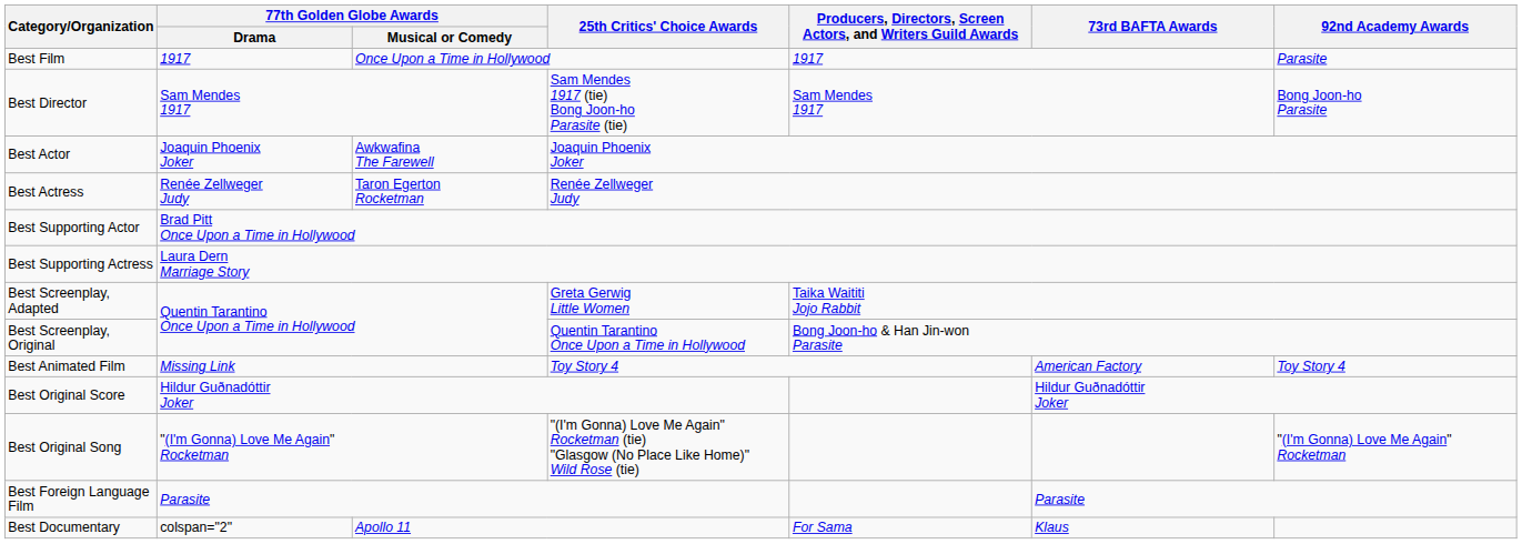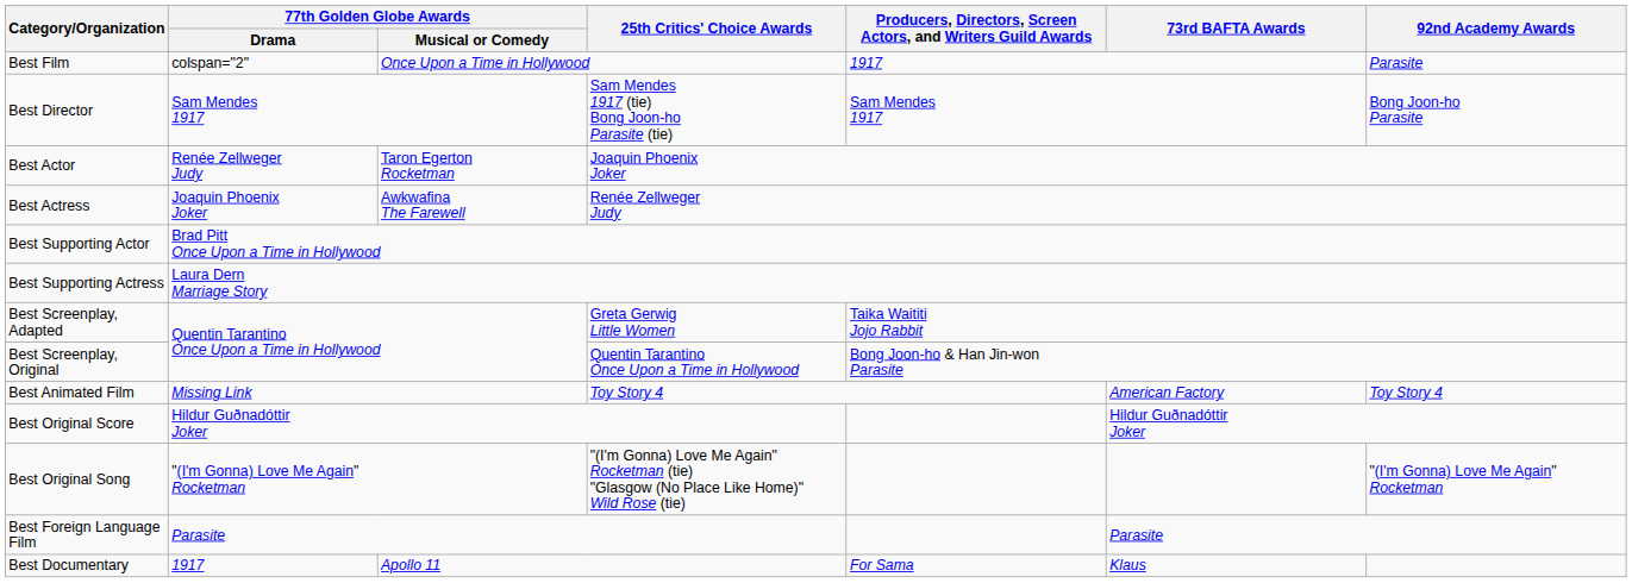 <table class="wikitable" style="font-size: 90%;">
 <tr>
 <th rowspan="2" style="width:20px;">Category/Organization</th>
 <th colspan="2" style="width:250px;"><a href='#'>77th Golden Globe Awards</a><br></th>
 <th rowspan="2" style="width:250px;"><a href='#'>25th Critics' Choice Awards</a><br></th>
 <th rowspan="2" style="width:250px;"><a href='#'>Producers</a>, <a href='#'>Directors</a>, <a href='#'>Screen Actors</a>, and <a href='#'>Writers Guild Awards</a><br></th>
 <th rowspan="2" style="width:250px;"><a href='#'>73rd BAFTA Awards</a><br></th>
 <th rowspan="2" style="width:250px;"><a href='#'>92nd Academy Awards</a><br></th>
 </tr>
 <tr>
 <th width=200>Drama</th>
 <th style="width:200px;">Musical or Comedy</th>
 </tr>
 <tr>
 <td>Best Film</td>
-<td><em><a href='#'>1917</a></em></td>
+<td>colspan="2" </td>
 <td colspan="2"><em><a href='#'>Once Upon a Time in Hollywood</a></em></td>
 <td colspan="2"><em><a href='#'>1917</a></em></td>
 <td><em><a href='#'>Parasite</a></em></td>
 </tr>
 <tr>
 <td>Best Director</td>
 <td colspan="2"><a href='#'>Sam Mendes</a><br><em><a href='#'>1917</a></em></td>
 <td><a href='#'>Sam Mendes</a><br><em><a href='#'>1917</a></em> (tie)<br><a href='#'>Bong Joon-ho</a><em><br><a href='#'>Parasite</a></em> (tie)</td>
 <td colspan="2"><a href='#'>Sam Mendes</a><br><em><a href='#'>1917</a></em></td>
 <td><a href='#'>Bong Joon-ho</a><em><br><a href='#'>Parasite</a></em></td>
 </tr>
 <tr>
 <td>Best Actor</td>
-<td><a href='#'>Joaquin Phoenix</a><br><em><a href='#'>Joker</a></em></td>
-<td><a href='#'>Awkwafina</a><br><em><a href='#'>The Farewell</a></em></td>
+<td><a href='#'>Renée Zellweger</a><br><em><a href='#'>Judy</a></em></td>
+<td><a href='#'>Taron Egerton</a><br><em><a href='#'>Rocketman</a></em></td>
 <td colspan="4"><a href='#'>Joaquin Phoenix</a><br><em><a href='#'>Joker</a></em></td>
 </tr>
 <tr>
 <td>Best Actress</td>
-<td><a href='#'>Renée Zellweger</a><br><em><a href='#'>Judy</a></em></td>
-<td><a href='#'>Taron Egerton</a><br><em><a href='#'>Rocketman</a></em></td>
+<td><a href='#'>Joaquin Phoenix</a><br><em><a href='#'>Joker</a></em></td>
+<td><a href='#'>Awkwafina</a><br><em><a href='#'>The Farewell</a></em></td>
 <td colspan="4"><a href='#'>Renée Zellweger</a><br><em><a href='#'>Judy</a></em></td>
 </tr>
 <tr>
 <td>Best Supporting Actor</td>
 <td colspan="6"><a href='#'>Brad Pitt</a><br><em><a href='#'>Once Upon a Time in Hollywood</a></em></td>
 </tr>
 <tr>
 <td>Best Supporting Actress</td>
 <td colspan="6"><a href='#'>Laura Dern</a><br><em><a href='#'>Marriage Story</a></em></td>
 </tr>
 <tr>
 <td>Best Screenplay, Adapted</td>
 <td rowspan="2" colspan="2"><a href='#'>Quentin Tarantino</a><br><em><a href='#'>Once Upon a Time in Hollywood</a></em></td>
 <td><a href='#'>Greta Gerwig</a><br><em><a href='#'>Little Women</a></em></td>
 <td colspan="3"><a href='#'>Taika Waititi</a><br><em><a href='#'>Jojo Rabbit</a></em></td>
 </tr>
 <tr>
 <td>Best Screenplay, Original</td>
 <td><a href='#'>Quentin Tarantino</a><br><em><a href='#'>Once Upon a Time in Hollywood</a></em></td>
 <td colspan="3"><a href='#'>Bong Joon-ho</a> & Han Jin-won<br><em><a href='#'>Parasite</a></em></td>
 </tr>
 <tr>
 <td>Best Animated Film</td>
 <td colspan="2"><em><a href='#'>Missing Link</a></em></td>
 <td colspan="2"><em><a href='#'>Toy Story 4</a></em></td>
 <td><em><a href='#'>American Factory</a></em></td>
 <td><em><a href='#'>Toy Story 4</a></em></td>
 </tr>
 <tr>
 <td>Best Original Score</td>
 <td colspan="3"><a href='#'>Hildur Guðnadóttir</a><br><em><a href='#'>Joker</a></em></td>
 <td></td>
 <td colspan="2"><a href='#'>Hildur Guðnadóttir</a><br><em><a href='#'>Joker</a></em></td>
 </tr>
 <tr>
 <td>Best Original Song</td>
 <td colspan="2">"<a href='#'>(I'm Gonna) Love Me Again</a>"<br><em><a href='#'>Rocketman</a></em></td>
 <td>"(I'm Gonna) Love Me Again"<br><em><a href='#'>Rocketman</a></em> (tie)<br> "Glasgow (No Place Like Home)"<br><em><a href='#'>Wild Rose</a></em> (tie)</td>
 <td></td>
 <td></td>
 <td>"<a href='#'>(I'm Gonna) Love Me Again</a>"<br><em><a href='#'>Rocketman</a></em></td>
 </tr>
 <tr>
 <td>Best Foreign Language Film</td>
 <td colspan="3"><em><a href='#'>Parasite</a></em></td>
 <td></td>
 <td colspan="2"><em><a href='#'>Parasite</a></em></td>
 </tr>
 <tr>
 <td>Best Documentary</td>
-<td>colspan="2" </td>
+<td><em><a href='#'>1917</a></em></td>
 <td colspan="2"><em><a href='#'>Apollo 11</a></em></td>
 <td><em><a href='#'>For Sama</a></em></td>
 <td><em><a href='#'>Klaus</a></em></td>
 </tr>
 </table>
